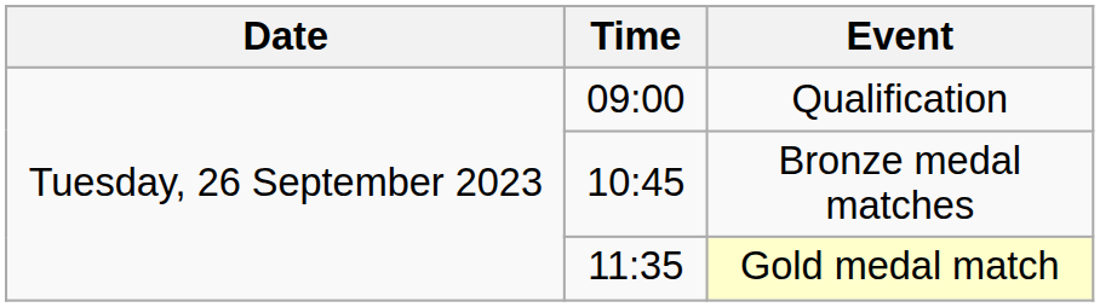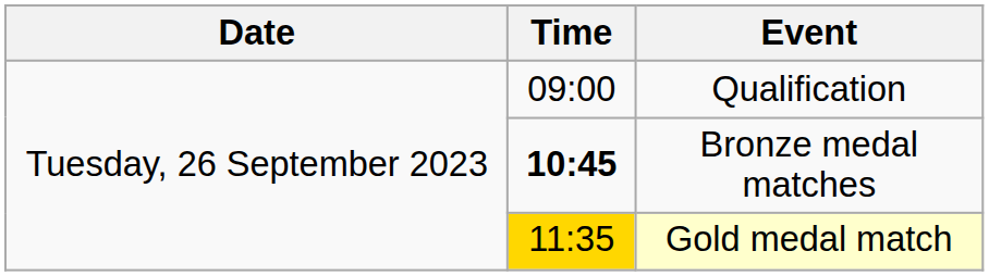 <table class = "wikitable" style="text-align:center;">
 <tr>
 <th width=220>Date</th>
 <th width=50>Time</th>
 <th width=150>Event</th>
 </tr>
 <tr>
 <td rowspan=3>Tuesday, 26 September 2023</td>
 <td>09:00</td>
 <td>Qualification</td>
 </tr>
 <tr>
-<td>10:45</td>
+<td><strong>10:45</strong></td>
 <td>Bronze medal matches</td>
 </tr>
 <tr>
-<td>11:35</td>
+<td style="background: gold;">11:35</td>
 <td bgcolor=ffffcc>Gold medal match</td>
 </tr>
 </table>
